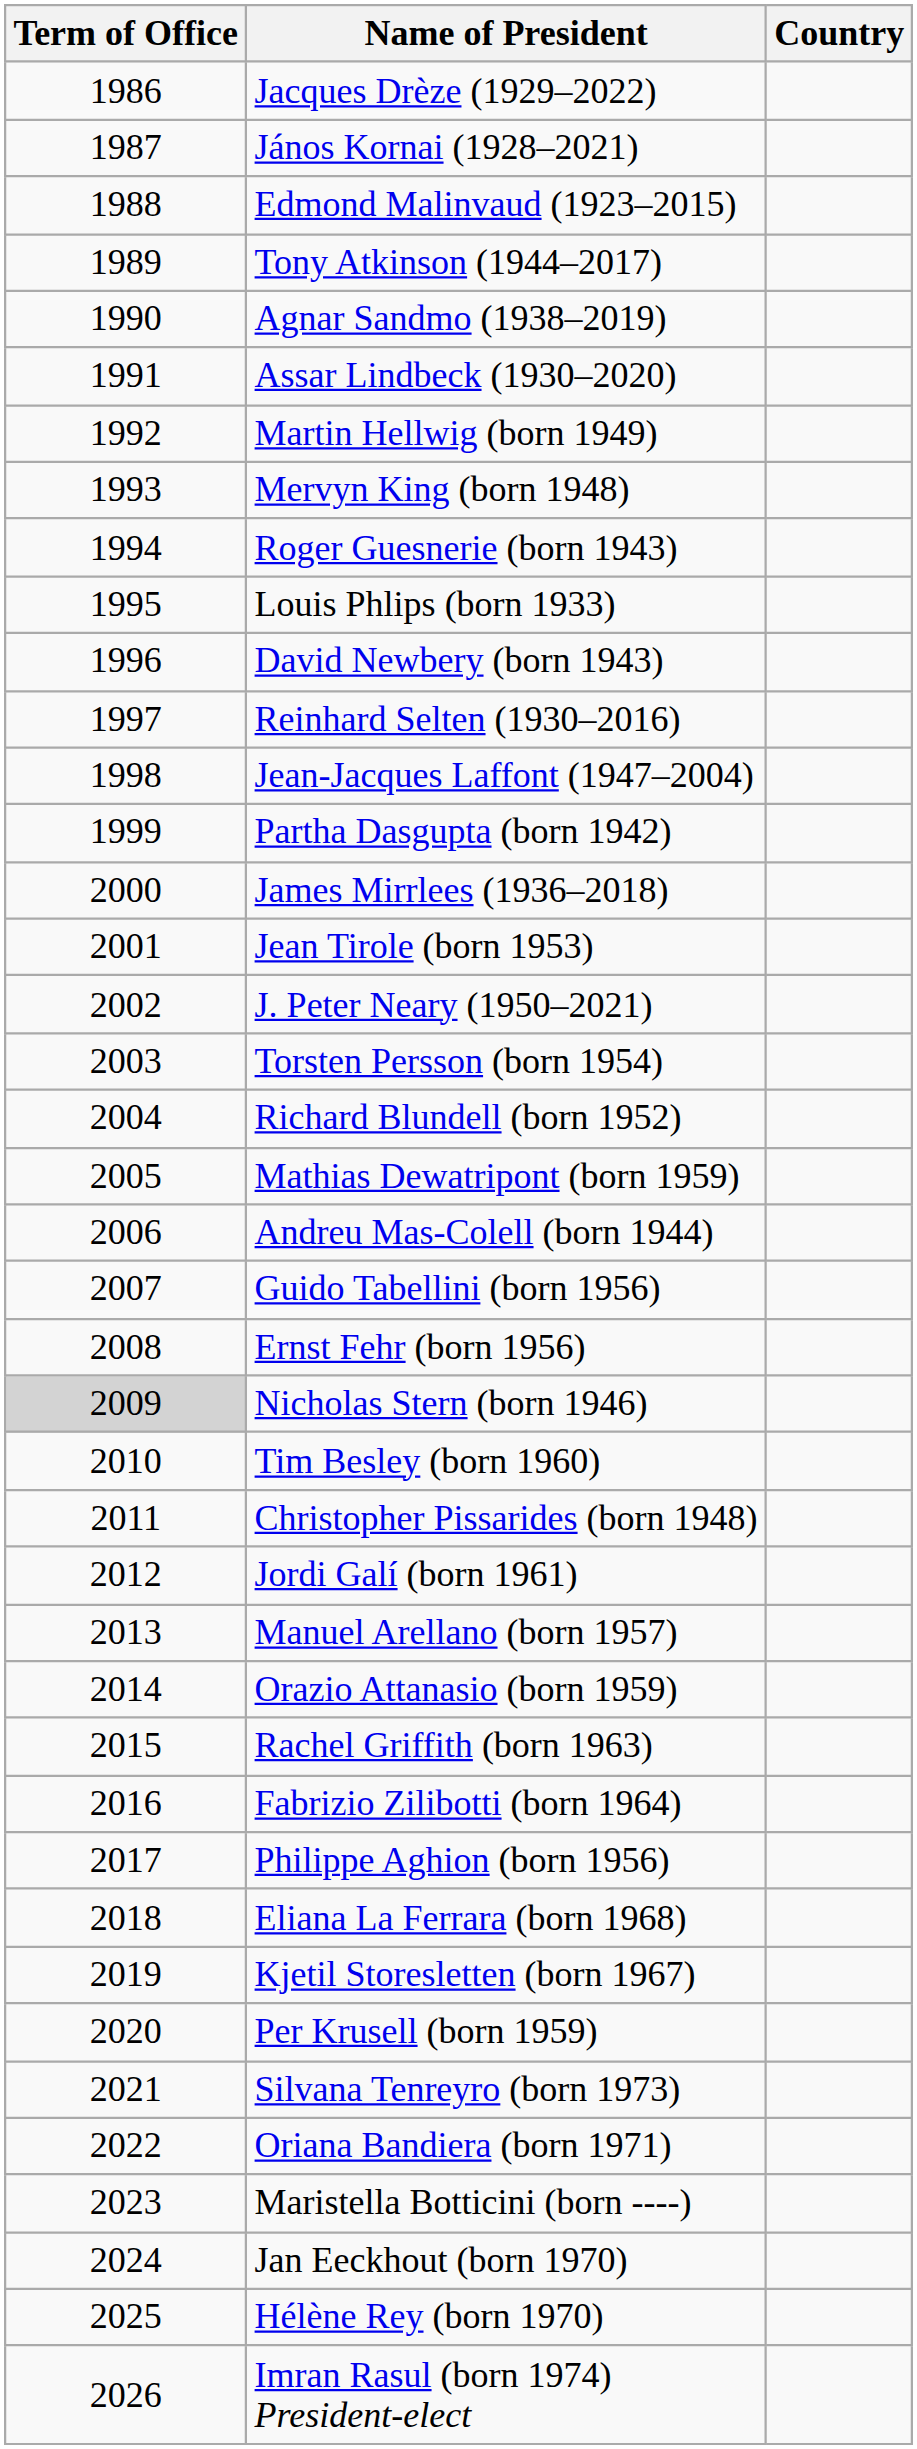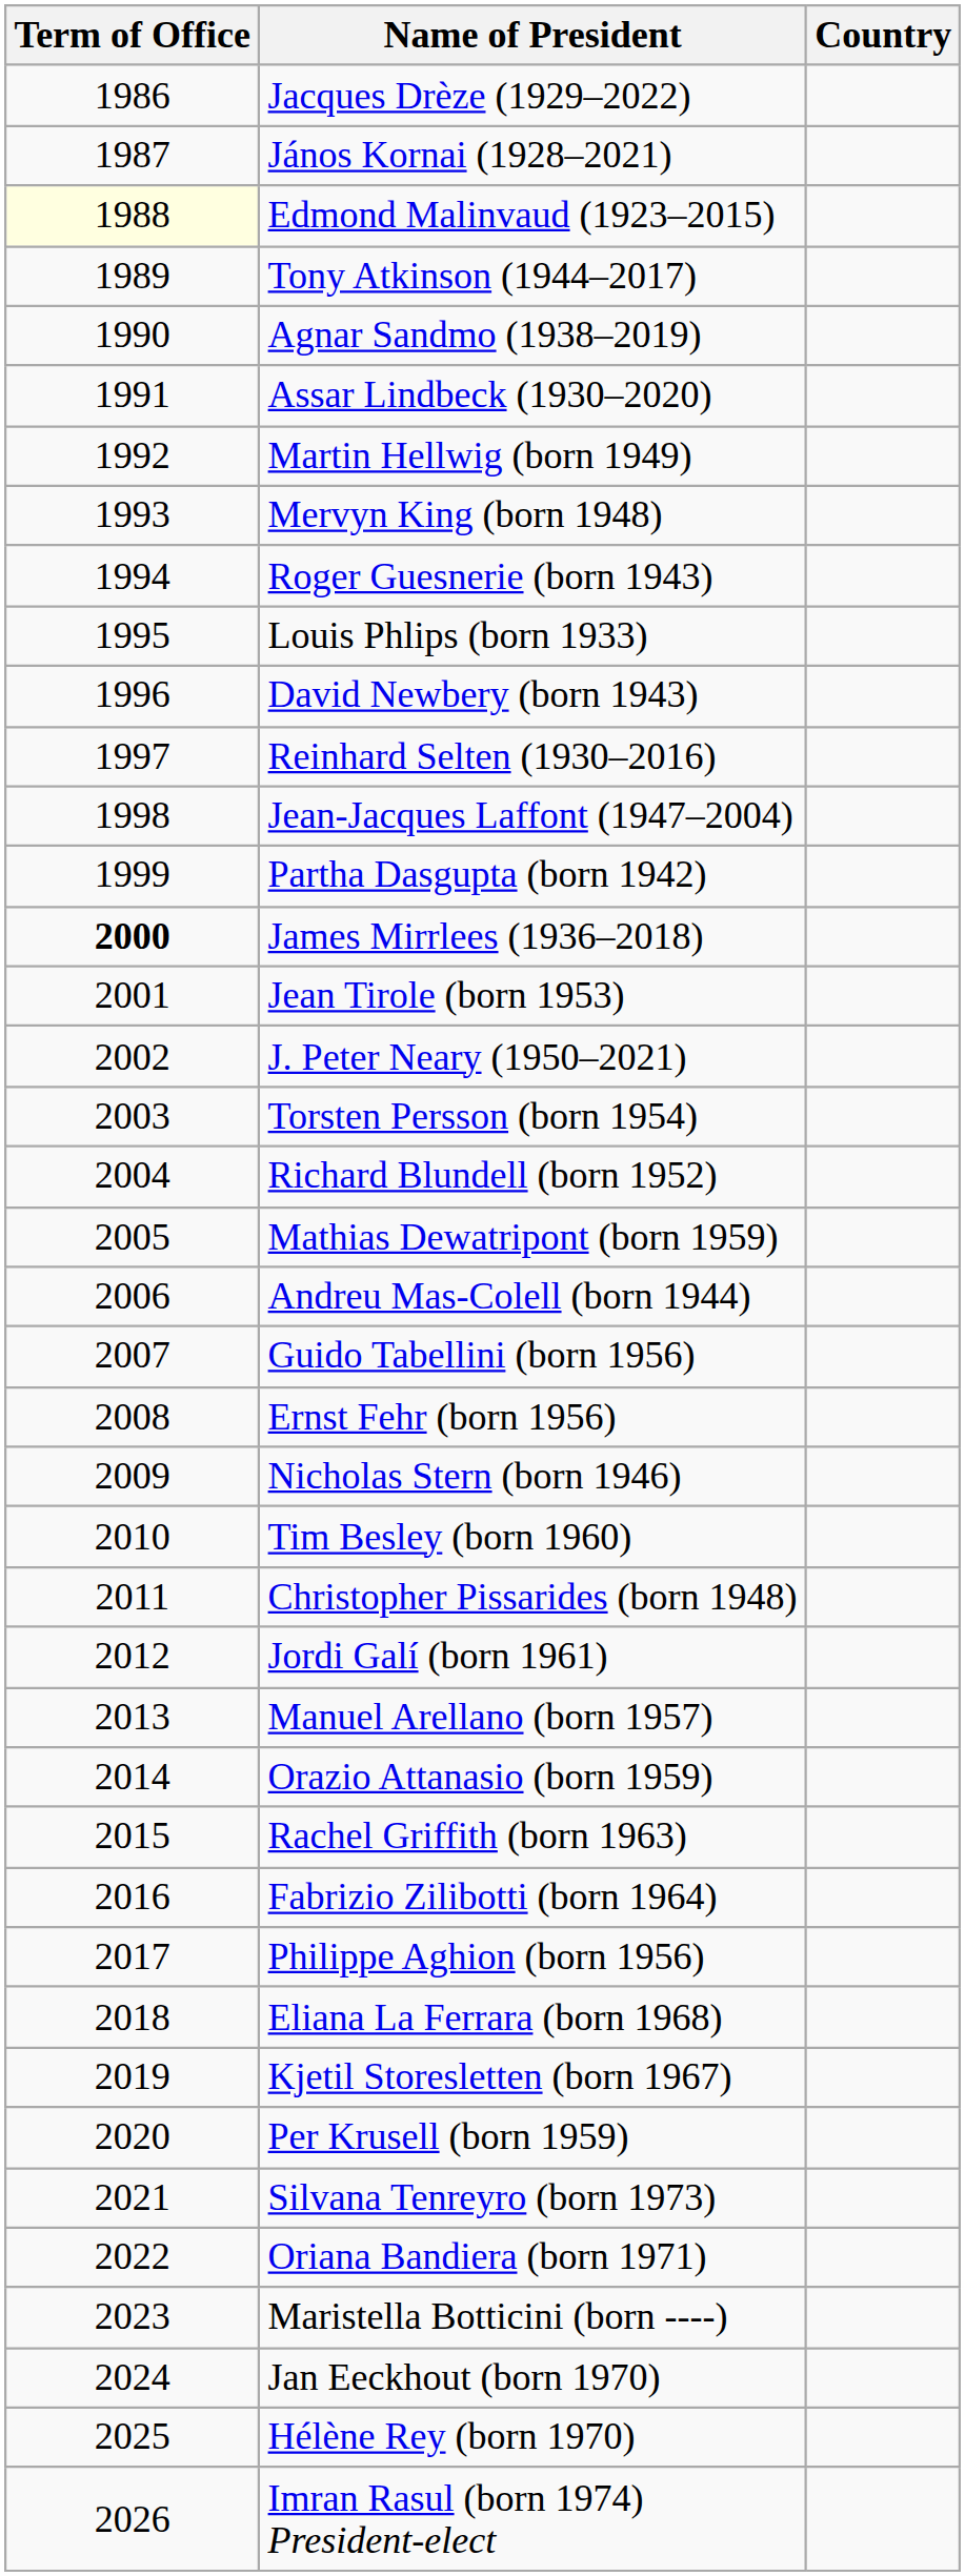 <table class="wikitable">
 <tr>
 <th>Term of Office</th>
 <th>Name of President</th>
 <th>Country</th>
 </tr>
 <tr>
 <td align="center">1986</td>
 <td><a href='#'>Jacques Drèze</a> (1929–2022)</td>
 <td></td>
 </tr>
 <tr>
 <td align="center">1987</td>
 <td><a href='#'>János Kornai</a> (1928–2021)</td>
 <td></td>
 </tr>
 <tr>
-<td align="center">1988</td>
+<td align="center" style="background: lightyellow;">1988</td>
 <td><a href='#'>Edmond Malinvaud</a> (1923–2015)</td>
 <td></td>
 </tr>
 <tr>
 <td align="center">1989</td>
 <td><a href='#'>Tony Atkinson</a> (1944–2017)</td>
 <td></td>
 </tr>
 <tr>
 <td align="center">1990</td>
 <td><a href='#'>Agnar Sandmo</a> (1938–2019)</td>
 <td></td>
 </tr>
 <tr>
 <td align="center">1991</td>
 <td><a href='#'>Assar Lindbeck</a> (1930–2020)</td>
 <td></td>
 </tr>
 <tr>
 <td align="center">1992</td>
 <td><a href='#'>Martin Hellwig</a> (born 1949)</td>
 <td></td>
 </tr>
 <tr>
 <td align="center">1993</td>
 <td><a href='#'>Mervyn King</a> (born 1948)</td>
 <td></td>
 </tr>
 <tr>
 <td align="center">1994</td>
 <td><a href='#'>Roger Guesnerie</a> (born 1943)</td>
 <td></td>
 </tr>
 <tr>
 <td align="center">1995</td>
 <td>Louis Phlips (born 1933)</td>
 <td></td>
 </tr>
 <tr>
 <td align="center">1996</td>
 <td><a href='#'>David Newbery</a> (born 1943)</td>
 <td></td>
 </tr>
 <tr>
 <td align="center">1997</td>
 <td><a href='#'>Reinhard Selten</a> (1930–2016)</td>
 <td></td>
 </tr>
 <tr>
 <td align="center">1998</td>
 <td><a href='#'>Jean-Jacques Laffont</a> (1947–2004)</td>
 <td></td>
 </tr>
 <tr>
 <td align="center">1999</td>
 <td><a href='#'>Partha Dasgupta</a> (born 1942)</td>
 <td><br></td>
 </tr>
 <tr>
-<td align="center">2000</td>
+<td align="center"><strong>2000</strong></td>
 <td><a href='#'>James Mirrlees</a> (1936–2018)</td>
 <td></td>
 </tr>
 <tr>
 <td align="center">2001</td>
 <td><a href='#'>Jean Tirole</a> (born 1953)</td>
 <td></td>
 </tr>
 <tr>
 <td align="center">2002</td>
 <td><a href='#'>J. Peter Neary</a> (1950–2021)</td>
 <td></td>
 </tr>
 <tr>
 <td align="center">2003</td>
 <td><a href='#'>Torsten Persson</a> (born 1954)</td>
 <td></td>
 </tr>
 <tr>
 <td align="center">2004</td>
 <td><a href='#'>Richard Blundell</a> (born 1952)</td>
 <td></td>
 </tr>
 <tr>
 <td align="center">2005</td>
 <td><a href='#'>Mathias Dewatripont</a> (born 1959)</td>
 <td></td>
 </tr>
 <tr>
 <td align="center">2006</td>
 <td><a href='#'>Andreu Mas-Colell</a> (born 1944)</td>
 <td></td>
 </tr>
 <tr>
 <td align="center">2007</td>
 <td><a href='#'>Guido Tabellini</a> (born 1956)</td>
 <td></td>
 </tr>
 <tr>
 <td align="center">2008</td>
 <td><a href='#'>Ernst Fehr</a> (born 1956)</td>
 <td><br></td>
 </tr>
 <tr>
-<td align="center" style="background: lightgrey;">2009</td>
+<td align="center">2009</td>
 <td><a href='#'>Nicholas Stern</a> (born 1946)</td>
 <td></td>
 </tr>
 <tr>
 <td align="center">2010</td>
 <td><a href='#'>Tim Besley</a> (born 1960)</td>
 <td></td>
 </tr>
 <tr>
 <td align="center">2011</td>
 <td><a href='#'>Christopher Pissarides</a> (born 1948)</td>
 <td></td>
 </tr>
 <tr>
 <td align="center">2012</td>
 <td><a href='#'>Jordi Galí</a> (born 1961)</td>
 <td></td>
 </tr>
 <tr>
 <td align="center">2013</td>
 <td><a href='#'>Manuel Arellano</a> (born 1957)</td>
 <td></td>
 </tr>
 <tr>
 <td align="center">2014</td>
 <td><a href='#'>Orazio Attanasio</a> (born 1959)</td>
 <td></td>
 </tr>
 <tr>
 <td align="center">2015</td>
 <td><a href='#'>Rachel Griffith</a> (born 1963)</td>
 <td><br></td>
 </tr>
 <tr>
 <td align="center">2016</td>
 <td><a href='#'>Fabrizio Zilibotti</a> (born 1964)</td>
 <td></td>
 </tr>
 <tr>
 <td align="center">2017</td>
 <td><a href='#'>Philippe Aghion</a> (born 1956)</td>
 <td></td>
 </tr>
 <tr>
 <td align="center">2018</td>
 <td><a href='#'>Eliana La Ferrara</a> (born 1968)</td>
 <td></td>
 </tr>
 <tr>
 <td align="center">2019</td>
 <td><a href='#'>Kjetil Storesletten</a> (born 1967)</td>
 <td></td>
 </tr>
 <tr>
 <td align="center">2020</td>
 <td><a href='#'>Per Krusell</a> (born 1959)</td>
 <td></td>
 </tr>
 <tr>
 <td align="center">2021</td>
 <td><a href='#'>Silvana Tenreyro</a> (born 1973)</td>
 <td><br></td>
 </tr>
 <tr>
 <td align="center">2022</td>
 <td><a href='#'>Oriana Bandiera</a> (born 1971)</td>
 <td></td>
 </tr>
 <tr>
 <td align="center">2023</td>
 <td>Maristella Botticini (born ----)</td>
 <td></td>
 </tr>
 <tr>
 <td align="center">2024</td>
 <td>Jan Eeckhout (born 1970)</td>
 <td></td>
 </tr>
 <tr>
 <td align="center">2025</td>
 <td><a href='#'>Hélène Rey</a> (born 1970)</td>
 <td></td>
 </tr>
 <tr>
 <td align="center">2026</td>
 <td><a href='#'>Imran Rasul</a> (born 1974)<br><em>President-elect</em></td>
 <td><br></td>
 </tr>
 </table>
